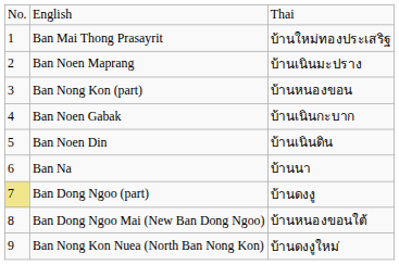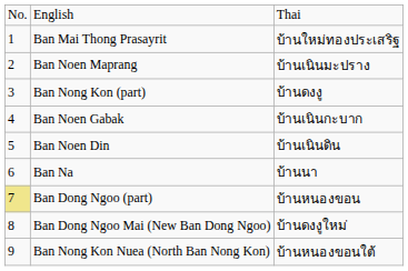 <table class="wikitable">
 <tr>
 <td>No.</td>
 <td>English</td>
 <td>Thai</td>
 </tr>
 <tr>
 <td>1</td>
 <td>Ban Mai Thong Prasayrit</td>
 <td>บ้านใหม่ทองประเสริฐ</td>
 </tr>
 <tr>
 <td>2</td>
 <td>Ban Noen Maprang</td>
 <td>บ้านเนินมะปราง</td>
 </tr>
 <tr>
 <td>3</td>
 <td>Ban Nong Kon (part)</td>
-<td>บ้านหนองขอน</td>
+<td>บ้านดงงู</td>
 </tr>
 <tr>
 <td>4</td>
 <td>Ban Noen Gabak</td>
 <td>บ้านเนินกะบาก</td>
 </tr>
 <tr>
 <td>5</td>
 <td>Ban Noen Din</td>
 <td>บ้านเนินดิน</td>
 </tr>
 <tr>
 <td>6</td>
 <td>Ban Na</td>
 <td>บ้านนา</td>
 </tr>
 <tr>
 <td style="background: khaki;">7</td>
 <td>Ban Dong Ngoo (part)</td>
-<td>บ้านดงงู</td>
+<td>บ้านหนองขอน</td>
 </tr>
 <tr>
 <td>8</td>
 <td>Ban Dong Ngoo Mai (New Ban Dong Ngoo)</td>
-<td>บ้านหนองขอนใต้</td>
+<td>บ้านดงงูใหม่</td>
 </tr>
 <tr>
 <td>9</td>
 <td>Ban Nong Kon Nuea (North Ban Nong Kon)</td>
-<td>บ้านดงงูใหม่</td>
+<td>บ้านหนองขอนใต้</td>
 </tr>
 </table>
